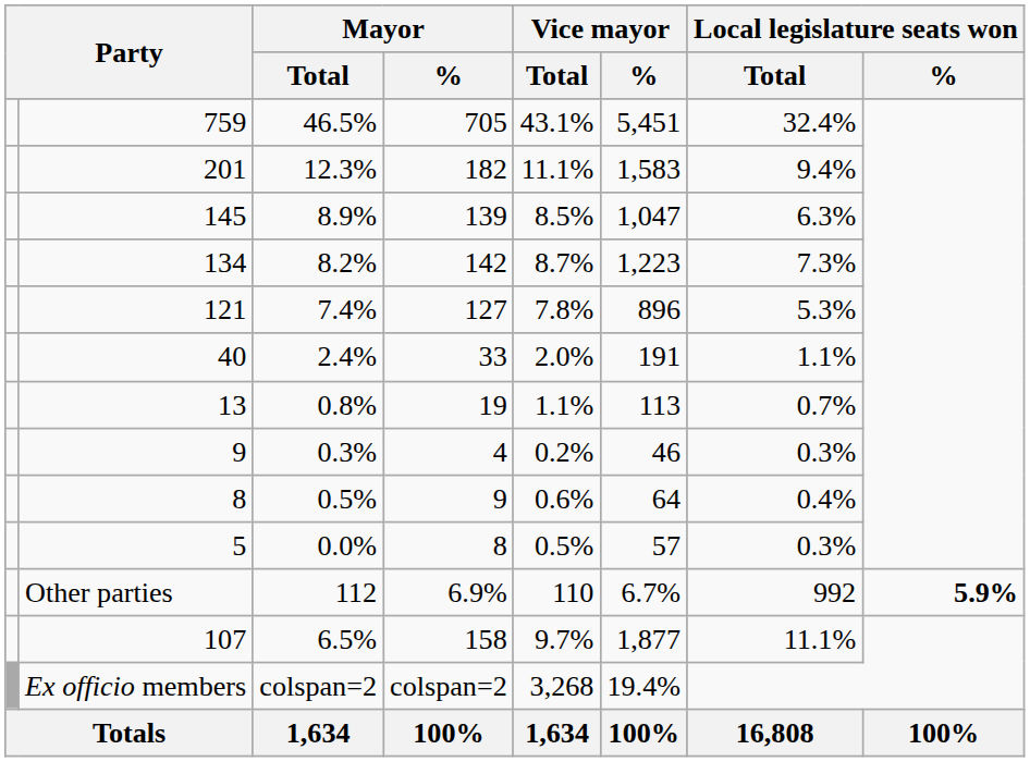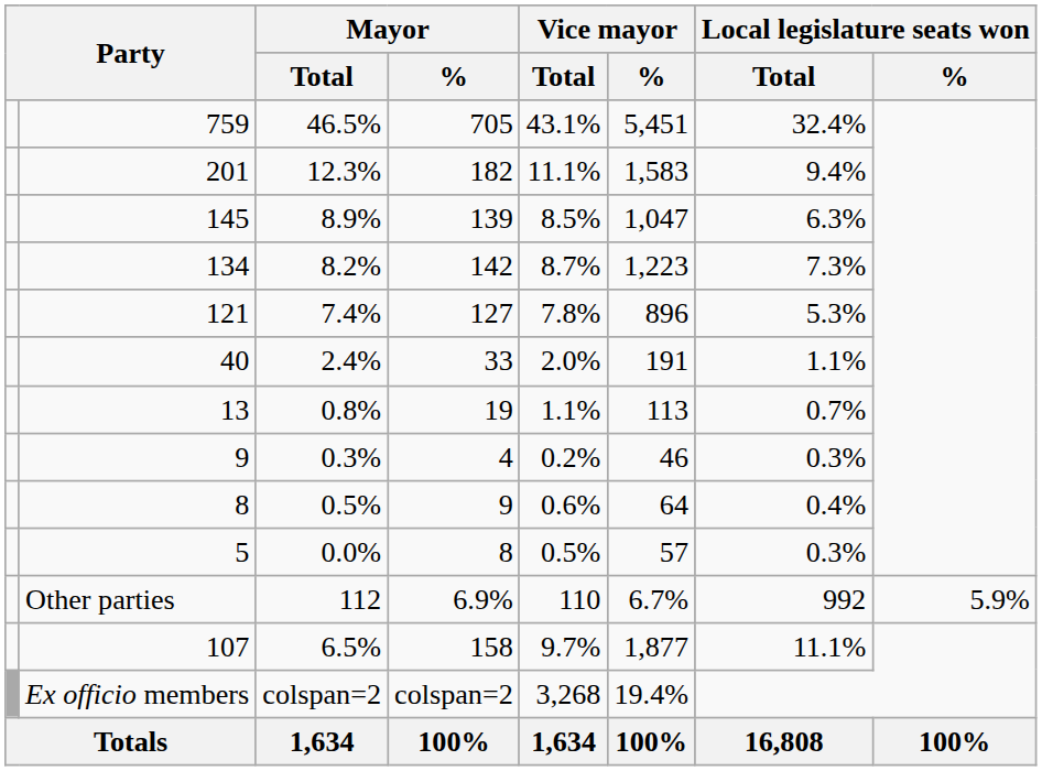 <table class=wikitable style="text-align:right; font-size:95%">
 <tr>
 <th rowspan=2 colspan=2>Party</th>
 <th colspan=2>Mayor</th>
 <th colspan=2>Vice mayor</th>
 <th colspan=2>Local legislature seats won</th>
 </tr>
 <tr>
 <th>Total</th>
 <th>%</th>
 <th>Total</th>
 <th>%</th>
 <th>Total</th>
 <th>%</th>
 </tr>
 <tr>
 <td></td>
 <td>759</td>
 <td>46.5%</td>
 <td>705</td>
 <td>43.1%</td>
 <td>5,451</td>
 <td>32.4%</td>
 </tr>
 <tr>
 <td></td>
 <td>201</td>
 <td>12.3%</td>
 <td>182</td>
 <td>11.1%</td>
 <td>1,583</td>
 <td>9.4%</td>
 </tr>
 <tr>
 <td></td>
 <td>145</td>
 <td>8.9%</td>
 <td>139</td>
 <td>8.5%</td>
 <td>1,047</td>
 <td>6.3%</td>
 </tr>
 <tr>
 <td></td>
 <td>134</td>
 <td>8.2%</td>
 <td>142</td>
 <td>8.7%</td>
 <td>1,223</td>
 <td>7.3%</td>
 </tr>
 <tr>
 <td></td>
 <td>121</td>
 <td>7.4%</td>
 <td>127</td>
 <td>7.8%</td>
 <td>896</td>
 <td>5.3%</td>
 </tr>
 <tr>
 <td></td>
 <td>40</td>
 <td>2.4%</td>
 <td>33</td>
 <td>2.0%</td>
 <td>191</td>
 <td>1.1%</td>
 </tr>
 <tr>
 <td></td>
 <td>13</td>
 <td>0.8%</td>
 <td>19</td>
 <td>1.1%</td>
 <td>113</td>
 <td>0.7%</td>
 </tr>
 <tr>
 <td></td>
 <td>9</td>
 <td>0.3%</td>
 <td>4</td>
 <td>0.2%</td>
 <td>46</td>
 <td>0.3%</td>
 </tr>
 <tr>
 <td></td>
 <td>8</td>
 <td>0.5%</td>
 <td>9</td>
 <td>0.6%</td>
 <td>64</td>
 <td>0.4%</td>
 </tr>
 <tr>
 <td></td>
 <td>5</td>
 <td>0.0%</td>
 <td>8</td>
 <td>0.5%</td>
 <td>57</td>
 <td>0.3%</td>
 </tr>
 <tr>
 <td></td>
 <td align="left">Other parties</td>
 <td>112</td>
 <td>6.9%</td>
 <td>110</td>
 <td>6.7%</td>
 <td>992</td>
-<td><strong>5.9%</strong></td>
+<td>5.9%</td>
 </tr>
 <tr>
 <td></td>
 <td>107</td>
 <td>6.5%</td>
 <td>158</td>
 <td>9.7%</td>
 <td>1,877</td>
 <td>11.1%</td>
 </tr>
 <tr>
 <td bgcolor=darkgray></td>
 <td align="left"><em>Ex officio</em> members</td>
 <td>colspan=2 </td>
 <td>colspan=2 </td>
 <td>3,268</td>
 <td>19.4%</td>
 </tr>
 <tr>
 <th colspan=2>Totals</th>
 <th>1,634</th>
 <th>100%</th>
 <th>1,634</th>
 <th>100%</th>
 <th>16,808</th>
 <th>100%</th>
 </tr>
 </table>
